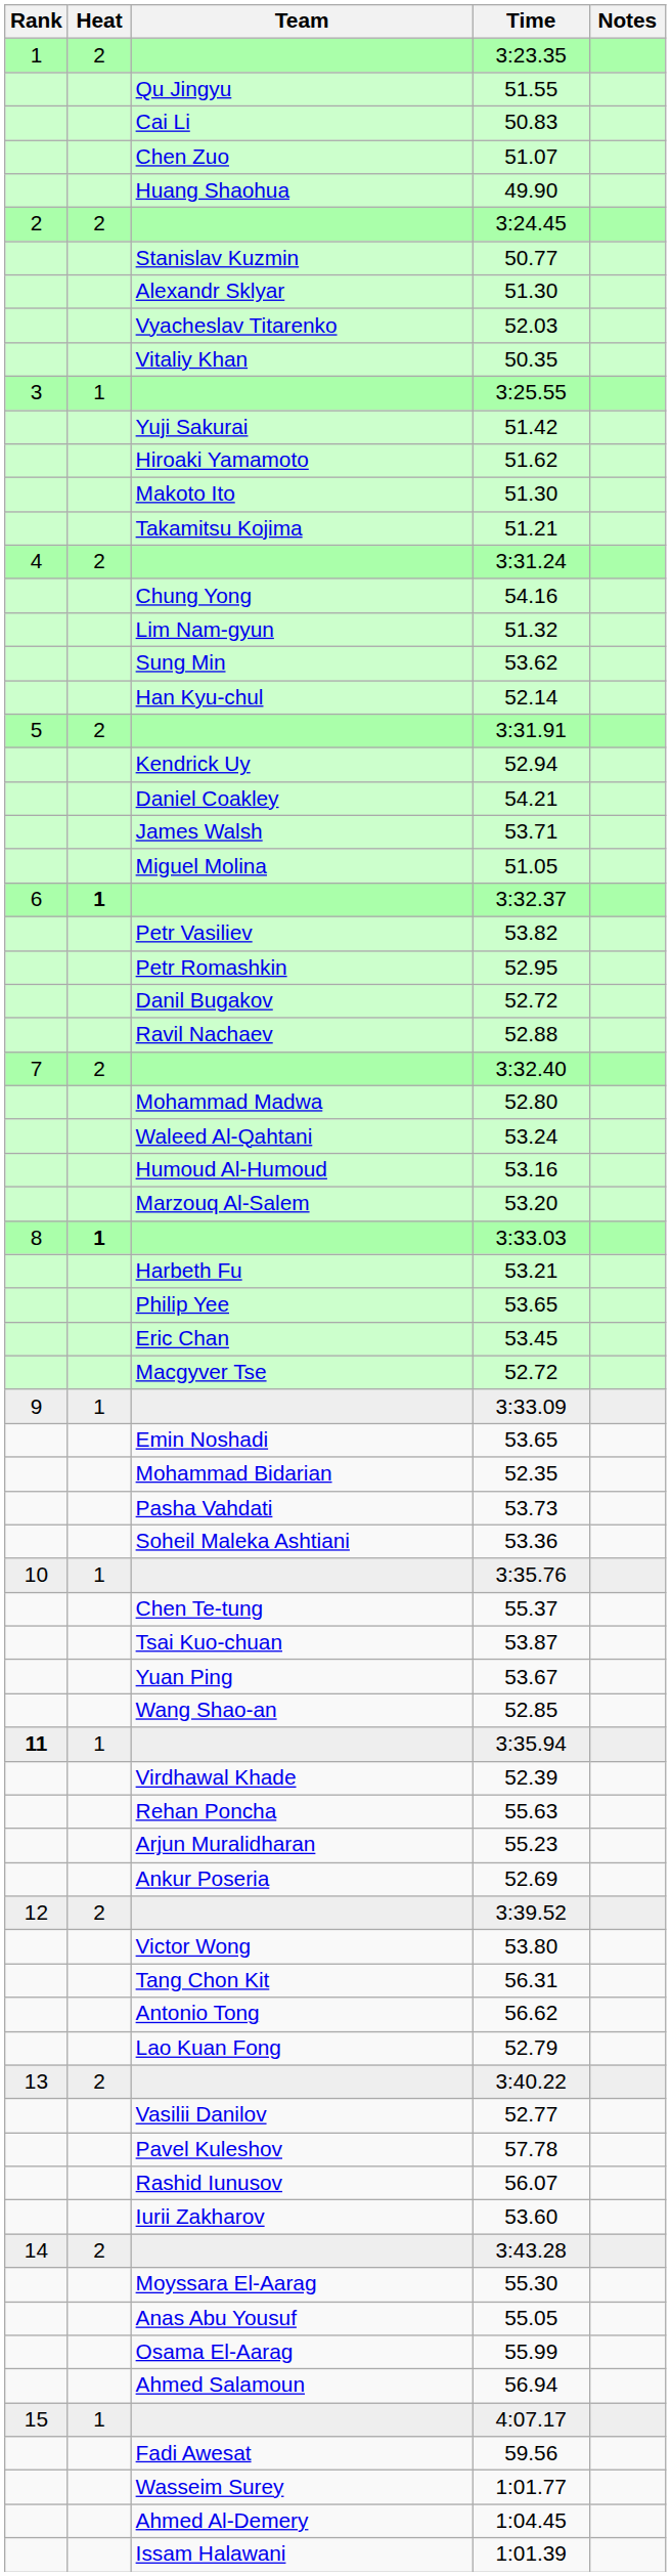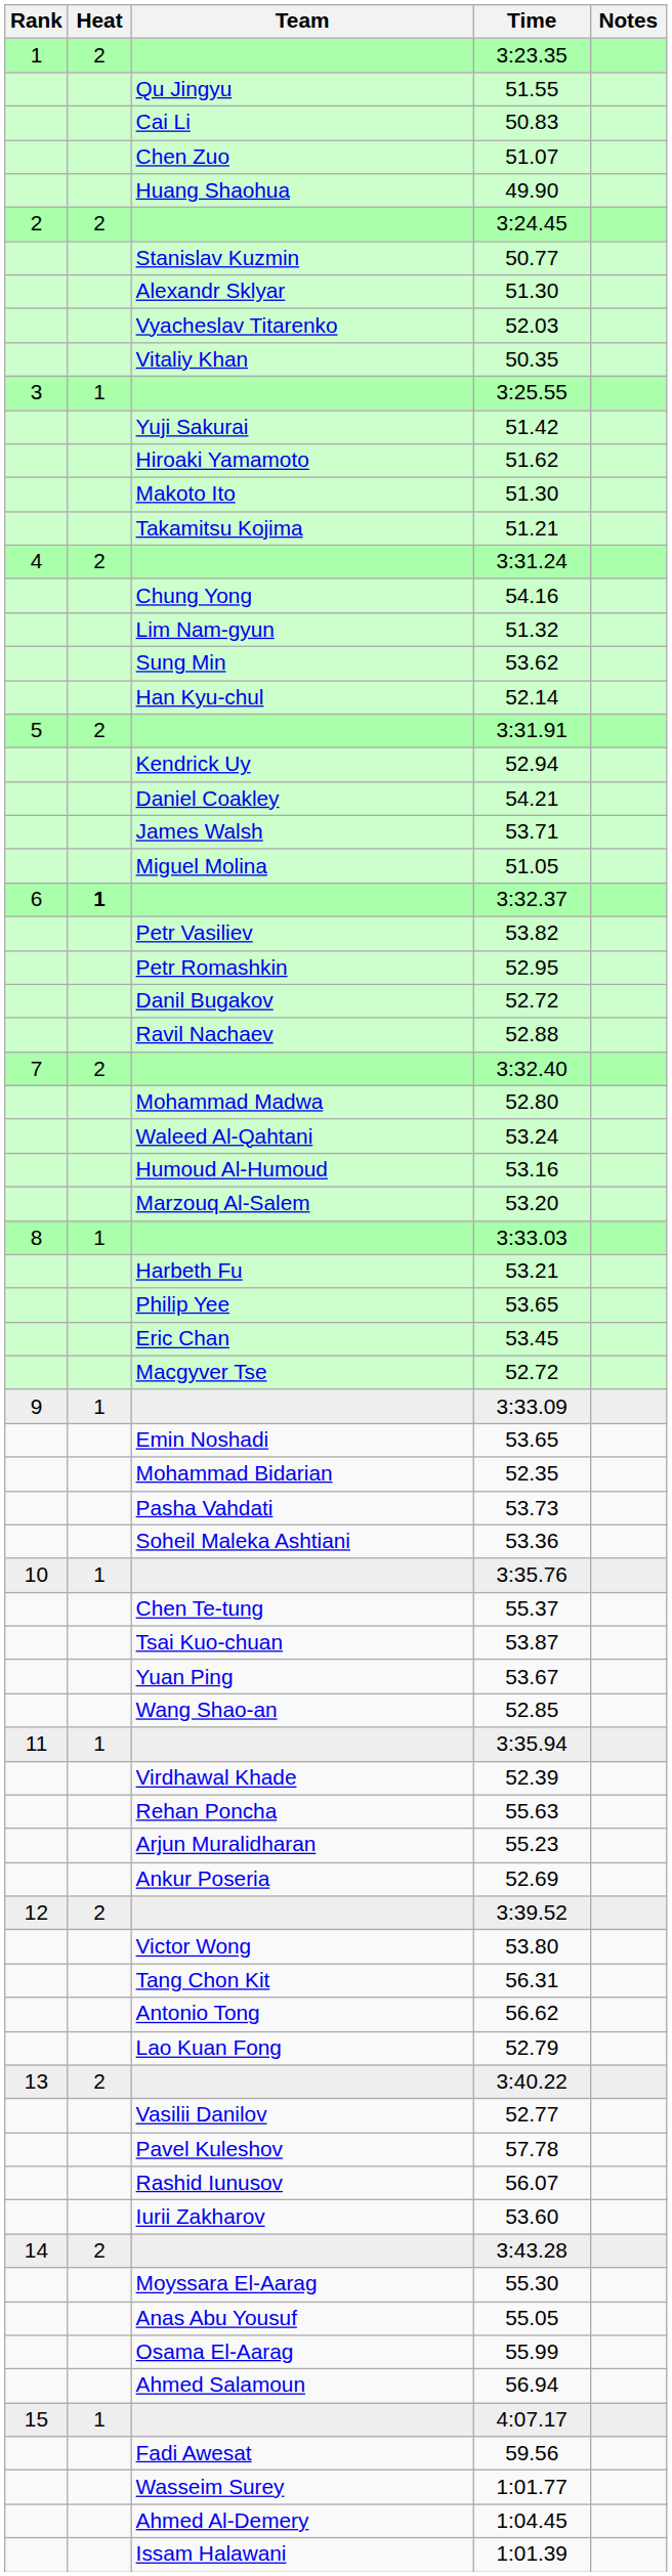 <table class="wikitable" style="text-align:center">
 <tr>
 <th width=40>Rank</th>
 <th width=40>Heat</th>
 <th width=250>Team</th>
 <th width=80>Time</th>
 <th width=50>Notes</th>
 </tr>
 <tr bgcolor="aaffaa">
 <td>1</td>
 <td>2</td>
 <td align=left></td>
 <td>3:23.35</td>
 <td></td>
 </tr>
 <tr bgcolor="ccffcc">
 <td></td>
 <td></td>
 <td align=left><a href='#'>Qu Jingyu</a></td>
 <td>51.55</td>
 <td></td>
 </tr>
 <tr bgcolor="ccffcc">
 <td></td>
 <td></td>
 <td align=left><a href='#'>Cai Li</a></td>
 <td>50.83</td>
 <td></td>
 </tr>
 <tr bgcolor="ccffcc">
 <td></td>
 <td></td>
 <td align=left><a href='#'>Chen Zuo</a></td>
 <td>51.07</td>
 <td></td>
 </tr>
 <tr bgcolor="ccffcc">
 <td></td>
 <td></td>
 <td align=left><a href='#'>Huang Shaohua</a></td>
 <td>49.90</td>
 <td></td>
 </tr>
 <tr bgcolor="aaffaa">
 <td>2</td>
 <td>2</td>
 <td align=left></td>
 <td>3:24.45</td>
 <td></td>
 </tr>
 <tr bgcolor="ccffcc">
 <td></td>
 <td></td>
 <td align=left><a href='#'>Stanislav Kuzmin</a></td>
 <td>50.77</td>
 <td></td>
 </tr>
 <tr bgcolor="ccffcc">
 <td></td>
 <td></td>
 <td align=left><a href='#'>Alexandr Sklyar</a></td>
 <td>51.30</td>
 <td></td>
 </tr>
 <tr bgcolor="ccffcc">
 <td></td>
 <td></td>
 <td align=left><a href='#'>Vyacheslav Titarenko</a></td>
 <td>52.03</td>
 <td></td>
 </tr>
 <tr bgcolor="ccffcc">
 <td></td>
 <td></td>
 <td align=left><a href='#'>Vitaliy Khan</a></td>
 <td>50.35</td>
 <td></td>
 </tr>
 <tr bgcolor="aaffaa">
 <td>3</td>
 <td>1</td>
 <td align=left></td>
 <td>3:25.55</td>
 <td></td>
 </tr>
 <tr bgcolor="ccffcc">
 <td></td>
 <td></td>
 <td align=left><a href='#'>Yuji Sakurai</a></td>
 <td>51.42</td>
 <td></td>
 </tr>
 <tr bgcolor="ccffcc">
 <td></td>
 <td></td>
 <td align=left><a href='#'>Hiroaki Yamamoto</a></td>
 <td>51.62</td>
 <td></td>
 </tr>
 <tr bgcolor="ccffcc">
 <td></td>
 <td></td>
 <td align=left><a href='#'>Makoto Ito</a></td>
 <td>51.30</td>
 <td></td>
 </tr>
 <tr bgcolor="ccffcc">
 <td></td>
 <td></td>
 <td align=left><a href='#'>Takamitsu Kojima</a></td>
 <td>51.21</td>
 <td></td>
 </tr>
 <tr bgcolor="aaffaa">
 <td>4</td>
 <td>2</td>
 <td align=left></td>
 <td>3:31.24</td>
 <td></td>
 </tr>
 <tr bgcolor="ccffcc">
 <td></td>
 <td></td>
 <td align=left><a href='#'>Chung Yong</a></td>
 <td>54.16</td>
 <td></td>
 </tr>
 <tr bgcolor="ccffcc">
 <td></td>
 <td></td>
 <td align=left><a href='#'>Lim Nam-gyun</a></td>
 <td>51.32</td>
 <td></td>
 </tr>
 <tr bgcolor="ccffcc">
 <td></td>
 <td></td>
 <td align=left><a href='#'>Sung Min</a></td>
 <td>53.62</td>
 <td></td>
 </tr>
 <tr bgcolor="ccffcc">
 <td></td>
 <td></td>
 <td align=left><a href='#'>Han Kyu-chul</a></td>
 <td>52.14</td>
 <td></td>
 </tr>
 <tr bgcolor="aaffaa">
 <td>5</td>
 <td>2</td>
 <td align=left></td>
 <td>3:31.91</td>
 <td></td>
 </tr>
 <tr bgcolor="ccffcc">
 <td></td>
 <td></td>
 <td align=left><a href='#'>Kendrick Uy</a></td>
 <td>52.94</td>
 <td></td>
 </tr>
 <tr bgcolor="ccffcc">
 <td></td>
 <td></td>
 <td align=left><a href='#'>Daniel Coakley</a></td>
 <td>54.21</td>
 <td></td>
 </tr>
 <tr bgcolor="ccffcc">
 <td></td>
 <td></td>
 <td align=left><a href='#'>James Walsh</a></td>
 <td>53.71</td>
 <td></td>
 </tr>
 <tr bgcolor="ccffcc">
 <td></td>
 <td></td>
 <td align=left><a href='#'>Miguel Molina</a></td>
 <td>51.05</td>
 <td></td>
 </tr>
 <tr bgcolor="aaffaa">
 <td>6</td>
 <td><strong>1</strong></td>
 <td align=left></td>
 <td>3:32.37</td>
 <td></td>
 </tr>
 <tr bgcolor="ccffcc">
 <td></td>
 <td></td>
 <td align=left><a href='#'>Petr Vasiliev</a></td>
 <td>53.82</td>
 <td></td>
 </tr>
 <tr bgcolor="ccffcc">
 <td></td>
 <td></td>
 <td align=left><a href='#'>Petr Romashkin</a></td>
 <td>52.95</td>
 <td></td>
 </tr>
 <tr bgcolor="ccffcc">
 <td></td>
 <td></td>
 <td align=left><a href='#'>Danil Bugakov</a></td>
 <td>52.72</td>
 <td></td>
 </tr>
 <tr bgcolor="ccffcc">
 <td></td>
 <td></td>
 <td align=left><a href='#'>Ravil Nachaev</a></td>
 <td>52.88</td>
 <td></td>
 </tr>
 <tr bgcolor="aaffaa">
 <td>7</td>
 <td>2</td>
 <td align=left></td>
 <td>3:32.40</td>
 <td></td>
 </tr>
 <tr bgcolor="ccffcc">
 <td></td>
 <td></td>
 <td align=left><a href='#'>Mohammad Madwa</a></td>
 <td>52.80</td>
 <td></td>
 </tr>
 <tr bgcolor="ccffcc">
 <td></td>
 <td></td>
 <td align=left><a href='#'>Waleed Al-Qahtani</a></td>
 <td>53.24</td>
 <td></td>
 </tr>
 <tr bgcolor="ccffcc">
 <td></td>
 <td></td>
 <td align=left><a href='#'>Humoud Al-Humoud</a></td>
 <td>53.16</td>
 <td></td>
 </tr>
 <tr bgcolor="ccffcc">
 <td></td>
 <td></td>
 <td align=left><a href='#'>Marzouq Al-Salem</a></td>
 <td>53.20</td>
 <td></td>
 </tr>
 <tr bgcolor="aaffaa">
 <td>8</td>
-<td><strong>1</strong></td>
+<td>1</td>
 <td align=left></td>
 <td>3:33.03</td>
 <td></td>
 </tr>
 <tr bgcolor="ccffcc">
 <td></td>
 <td></td>
 <td align=left><a href='#'>Harbeth Fu</a></td>
 <td>53.21</td>
 <td></td>
 </tr>
 <tr bgcolor="ccffcc">
 <td></td>
 <td></td>
 <td align=left><a href='#'>Philip Yee</a></td>
 <td>53.65</td>
 <td></td>
 </tr>
 <tr bgcolor="ccffcc">
 <td></td>
 <td></td>
 <td align=left><a href='#'>Eric Chan</a></td>
 <td>53.45</td>
 <td></td>
 </tr>
 <tr bgcolor="ccffcc">
 <td></td>
 <td></td>
 <td align=left><a href='#'>Macgyver Tse</a></td>
 <td>52.72</td>
 <td></td>
 </tr>
 <tr bgcolor=eeeeee>
 <td>9</td>
 <td>1</td>
 <td align=left></td>
 <td>3:33.09</td>
 <td></td>
 </tr>
 <tr>
 <td></td>
 <td></td>
 <td align=left><a href='#'>Emin Noshadi</a></td>
 <td>53.65</td>
 <td></td>
 </tr>
 <tr>
 <td></td>
 <td></td>
 <td align=left><a href='#'>Mohammad Bidarian</a></td>
 <td>52.35</td>
 <td></td>
 </tr>
 <tr>
 <td></td>
 <td></td>
 <td align=left><a href='#'>Pasha Vahdati</a></td>
 <td>53.73</td>
 <td></td>
 </tr>
 <tr>
 <td></td>
 <td></td>
 <td align=left><a href='#'>Soheil Maleka Ashtiani</a></td>
 <td>53.36</td>
 <td></td>
 </tr>
 <tr bgcolor=eeeeee>
 <td>10</td>
 <td>1</td>
 <td align=left></td>
 <td>3:35.76</td>
 <td></td>
 </tr>
 <tr>
 <td></td>
 <td></td>
 <td align=left><a href='#'>Chen Te-tung</a></td>
 <td>55.37</td>
 <td></td>
 </tr>
 <tr>
 <td></td>
 <td></td>
 <td align=left><a href='#'>Tsai Kuo-chuan</a></td>
 <td>53.87</td>
 <td></td>
 </tr>
 <tr>
 <td></td>
 <td></td>
 <td align=left><a href='#'>Yuan Ping</a></td>
 <td>53.67</td>
 <td></td>
 </tr>
 <tr>
 <td></td>
 <td></td>
 <td align=left><a href='#'>Wang Shao-an</a></td>
 <td>52.85</td>
 <td></td>
 </tr>
 <tr bgcolor=eeeeee>
-<td><strong>11</strong></td>
+<td>11</td>
 <td>1</td>
 <td align=left></td>
 <td>3:35.94</td>
 <td></td>
 </tr>
 <tr>
 <td></td>
 <td></td>
 <td align=left><a href='#'>Virdhawal Khade</a></td>
 <td>52.39</td>
 <td></td>
 </tr>
 <tr>
 <td></td>
 <td></td>
 <td align=left><a href='#'>Rehan Poncha</a></td>
 <td>55.63</td>
 <td></td>
 </tr>
 <tr>
 <td></td>
 <td></td>
 <td align=left><a href='#'>Arjun Muralidharan</a></td>
 <td>55.23</td>
 <td></td>
 </tr>
 <tr>
 <td></td>
 <td></td>
 <td align=left><a href='#'>Ankur Poseria</a></td>
 <td>52.69</td>
 <td></td>
 </tr>
 <tr bgcolor=eeeeee>
 <td>12</td>
 <td>2</td>
 <td align=left></td>
 <td>3:39.52</td>
 <td></td>
 </tr>
 <tr>
 <td></td>
 <td></td>
 <td align=left><a href='#'>Victor Wong</a></td>
 <td>53.80</td>
 <td></td>
 </tr>
 <tr>
 <td></td>
 <td></td>
 <td align=left><a href='#'>Tang Chon Kit</a></td>
 <td>56.31</td>
 <td></td>
 </tr>
 <tr>
 <td></td>
 <td></td>
 <td align=left><a href='#'>Antonio Tong</a></td>
 <td>56.62</td>
 <td></td>
 </tr>
 <tr>
 <td></td>
 <td></td>
 <td align=left><a href='#'>Lao Kuan Fong</a></td>
 <td>52.79</td>
 <td></td>
 </tr>
 <tr bgcolor=eeeeee>
 <td>13</td>
 <td>2</td>
 <td align=left></td>
 <td>3:40.22</td>
 <td></td>
 </tr>
 <tr>
 <td></td>
 <td></td>
 <td align=left><a href='#'>Vasilii Danilov</a></td>
 <td>52.77</td>
 <td></td>
 </tr>
 <tr>
 <td></td>
 <td></td>
 <td align=left><a href='#'>Pavel Kuleshov</a></td>
 <td>57.78</td>
 <td></td>
 </tr>
 <tr>
 <td></td>
 <td></td>
 <td align=left><a href='#'>Rashid Iunusov</a></td>
 <td>56.07</td>
 <td></td>
 </tr>
 <tr>
 <td></td>
 <td></td>
 <td align=left><a href='#'>Iurii Zakharov</a></td>
 <td>53.60</td>
 <td></td>
 </tr>
 <tr bgcolor=eeeeee>
 <td>14</td>
 <td>2</td>
 <td align=left></td>
 <td>3:43.28</td>
 <td></td>
 </tr>
 <tr>
 <td></td>
 <td></td>
 <td align=left><a href='#'>Moyssara El-Aarag</a></td>
 <td>55.30</td>
 <td></td>
 </tr>
 <tr>
 <td></td>
 <td></td>
 <td align=left><a href='#'>Anas Abu Yousuf</a></td>
 <td>55.05</td>
 <td></td>
 </tr>
 <tr>
 <td></td>
 <td></td>
 <td align=left><a href='#'>Osama El-Aarag</a></td>
 <td>55.99</td>
 <td></td>
 </tr>
 <tr>
 <td></td>
 <td></td>
 <td align=left><a href='#'>Ahmed Salamoun</a></td>
 <td>56.94</td>
 <td></td>
 </tr>
 <tr bgcolor=eeeeee>
 <td>15</td>
 <td>1</td>
 <td align=left></td>
 <td>4:07.17</td>
 <td></td>
 </tr>
 <tr>
 <td></td>
 <td></td>
 <td align=left><a href='#'>Fadi Awesat</a></td>
 <td>59.56</td>
 <td></td>
 </tr>
 <tr>
 <td></td>
 <td></td>
 <td align=left><a href='#'>Wasseim Surey</a></td>
 <td>1:01.77</td>
 <td></td>
 </tr>
 <tr>
 <td></td>
 <td></td>
 <td align=left><a href='#'>Ahmed Al-Demery</a></td>
 <td>1:04.45</td>
 <td></td>
 </tr>
 <tr>
 <td></td>
 <td></td>
 <td align=left><a href='#'>Issam Halawani</a></td>
 <td>1:01.39</td>
 <td></td>
 </tr>
 </table>
